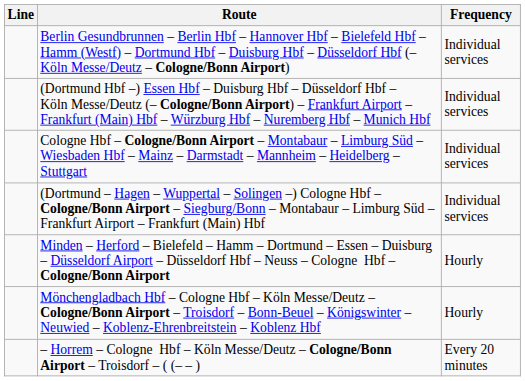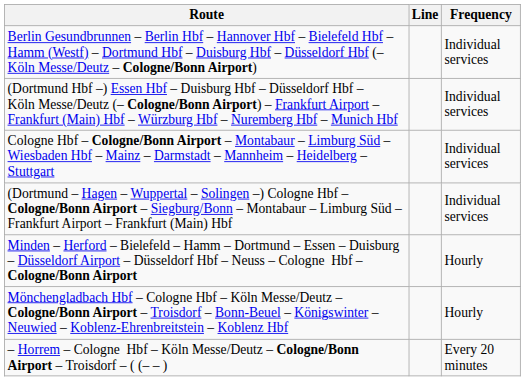 <table class="wikitable">
 <tr>
+<th>Route</th>
 <th>Line</th>
-<th>Route</th>
 <th>Frequency</th>
 </tr>
 <tr>
+<td><a href='#'>Berlin Gesundbrunnen</a> – <a href='#'>Berlin Hbf</a> – <a href='#'>Hannover Hbf</a> – <a href='#'>Bielefeld Hbf</a> – <a href='#'>Hamm (Westf)</a> – <a href='#'>Dortmund Hbf</a> – <a href='#'>Duisburg Hbf</a> – <a href='#'>Düsseldorf Hbf</a> (– <a href='#'>Köln Messe/Deutz</a> – <strong>Cologne/Bonn Airport</strong>)</td>
 <td></td>
-<td><a href='#'>Berlin Gesundbrunnen</a> – <a href='#'>Berlin Hbf</a> – <a href='#'>Hannover Hbf</a> – <a href='#'>Bielefeld Hbf</a> – <a href='#'>Hamm (Westf)</a> – <a href='#'>Dortmund Hbf</a> – <a href='#'>Duisburg Hbf</a> – <a href='#'>Düsseldorf Hbf</a> (– <a href='#'>Köln Messe/Deutz</a> – <strong>Cologne/Bonn Airport</strong>)</td>
 <td>Individual services</td>
 </tr>
 <tr>
+<td>(Dortmund Hbf –) <a href='#'>Essen Hbf</a> – Duisburg Hbf – Düsseldorf Hbf – Köln Messe/Deutz (– <strong>Cologne/Bonn Airport</strong>) – <a href='#'>Frankfurt Airport</a> – <a href='#'>Frankfurt (Main) Hbf</a> – <a href='#'>Würzburg Hbf</a> – <a href='#'>Nuremberg Hbf</a> – <a href='#'>Munich Hbf</a></td>
 <td></td>
-<td>(Dortmund Hbf –) <a href='#'>Essen Hbf</a> – Duisburg Hbf – Düsseldorf Hbf – Köln Messe/Deutz (– <strong>Cologne/Bonn Airport</strong>) – <a href='#'>Frankfurt Airport</a> – <a href='#'>Frankfurt (Main) Hbf</a> – <a href='#'>Würzburg Hbf</a> – <a href='#'>Nuremberg Hbf</a> – <a href='#'>Munich Hbf</a></td>
 <td>Individual services</td>
 </tr>
 <tr>
+<td>Cologne Hbf – <strong>Cologne/Bonn Airport</strong> – <a href='#'>Montabaur</a> – <a href='#'>Limburg Süd</a> – <a href='#'>Wiesbaden Hbf</a> – <a href='#'>Mainz</a> – <a href='#'>Darmstadt</a> – <a href='#'>Mannheim</a> – <a href='#'>Heidelberg</a> – <a href='#'>Stuttgart</a></td>
 <td></td>
-<td>Cologne Hbf – <strong>Cologne/Bonn Airport</strong> – <a href='#'>Montabaur</a> – <a href='#'>Limburg Süd</a> – <a href='#'>Wiesbaden Hbf</a> – <a href='#'>Mainz</a> – <a href='#'>Darmstadt</a> – <a href='#'>Mannheim</a> – <a href='#'>Heidelberg</a> – <a href='#'>Stuttgart</a></td>
 <td>Individual services</td>
 </tr>
 <tr>
+<td>(Dortmund – <a href='#'>Hagen</a> – <a href='#'>Wuppertal</a> – <a href='#'>Solingen</a> –) Cologne Hbf – <strong>Cologne/Bonn Airport</strong> – <a href='#'>Siegburg/Bonn</a> – Montabaur – Limburg Süd – Frankfurt Airport – Frankfurt (Main) Hbf</td>
 <td></td>
-<td>(Dortmund – <a href='#'>Hagen</a> – <a href='#'>Wuppertal</a> – <a href='#'>Solingen</a> –) Cologne Hbf – <strong>Cologne/Bonn Airport</strong> – <a href='#'>Siegburg/Bonn</a> – Montabaur – Limburg Süd – Frankfurt Airport – Frankfurt (Main) Hbf</td>
 <td>Individual services</td>
 </tr>
 <tr>
+<td><a href='#'>Minden</a> – <a href='#'>Herford</a> – Bielefeld – Hamm – Dortmund – Essen – Duisburg – <a href='#'>Düsseldorf Airport</a> – Düsseldorf Hbf – Neuss – Cologne  Hbf – <strong>Cologne/Bonn Airport</strong></td>
 <td></td>
-<td><a href='#'>Minden</a> – <a href='#'>Herford</a> – Bielefeld – Hamm – Dortmund – Essen – Duisburg – <a href='#'>Düsseldorf Airport</a> – Düsseldorf Hbf – Neuss – Cologne  Hbf – <strong>Cologne/Bonn Airport</strong></td>
 <td>Hourly</td>
 </tr>
 <tr>
+<td><a href='#'>Mönchengladbach Hbf</a> – Cologne Hbf – Köln Messe/Deutz – <strong>Cologne/Bonn Airport</strong> – <a href='#'>Troisdorf</a> – <a href='#'>Bonn-Beuel</a> – <a href='#'>Königswinter</a> – <a href='#'>Neuwied</a> – <a href='#'>Koblenz-Ehrenbreitstein</a> – <a href='#'>Koblenz Hbf</a></td>
 <td></td>
-<td><a href='#'>Mönchengladbach Hbf</a> – Cologne Hbf – Köln Messe/Deutz – <strong>Cologne/Bonn Airport</strong> – <a href='#'>Troisdorf</a> – <a href='#'>Bonn-Beuel</a> – <a href='#'>Königswinter</a> – <a href='#'>Neuwied</a> – <a href='#'>Koblenz-Ehrenbreitstein</a> – <a href='#'>Koblenz Hbf</a></td>
 <td>Hourly</td>
 </tr>
 <tr>
+<td> – <a href='#'>Horrem</a> – Cologne  Hbf – Köln Messe/Deutz – <strong>Cologne/Bonn Airport</strong> – Troisdorf – ( (–  –  )</td>
 <td></td>
-<td> – <a href='#'>Horrem</a> – Cologne  Hbf – Köln Messe/Deutz – <strong>Cologne/Bonn Airport</strong> – Troisdorf – ( (–  –  )</td>
 <td>Every 20 minutes</td>
 </tr>
 </table>
